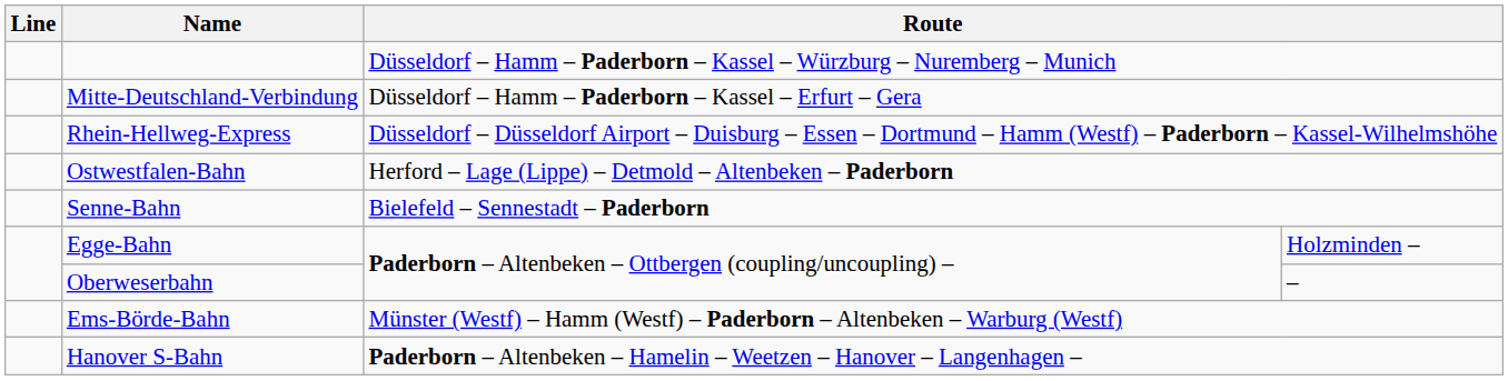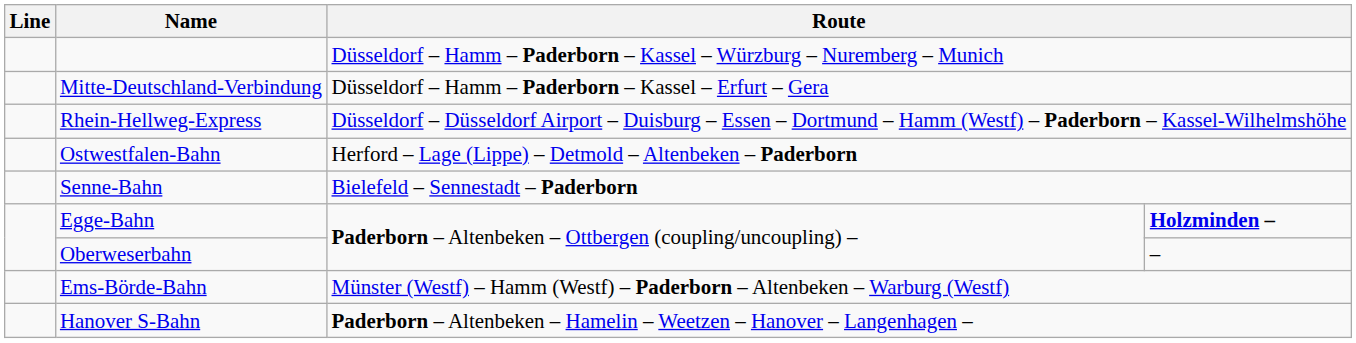 <table class="wikitable">
 <tr>
 <th>Line</th>
 <th>Name</th>
 <th colspan="2">Route</th>
 </tr>
 <tr>
 <td></td>
 <td></td>
 <td colspan="2"><a href='#'>Düsseldorf</a> – <a href='#'>Hamm</a> – <strong>Paderborn</strong> – <a href='#'>Kassel</a> – <a href='#'>Würzburg</a> – <a href='#'>Nuremberg</a> – <a href='#'>Munich</a></td>
 </tr>
 <tr>
 <td></td>
 <td><a href='#'>Mitte-Deutschland-Verbindung</a></td>
 <td colspan="2">Düsseldorf – Hamm – <strong>Paderborn</strong> – Kassel – <a href='#'>Erfurt</a> – <a href='#'>Gera</a></td>
 </tr>
 <tr>
 <td></td>
 <td><a href='#'>Rhein-Hellweg-Express</a></td>
 <td colspan="2"><a href='#'>Düsseldorf</a> – <a href='#'>Düsseldorf Airport</a> – <a href='#'>Duisburg</a> – <a href='#'>Essen</a> – <a href='#'>Dortmund</a> – <a href='#'>Hamm (Westf)</a> – <strong>Paderborn</strong> – <a href='#'>Kassel-Wilhelmshöhe</a></td>
 </tr>
 <tr>
 <td></td>
 <td><a href='#'>Ostwestfalen-Bahn</a></td>
 <td colspan="2">Herford – <a href='#'>Lage (Lippe)</a> – <a href='#'>Detmold</a> – <a href='#'>Altenbeken</a> – <strong>Paderborn</strong></td>
 </tr>
 <tr>
 <td></td>
 <td><a href='#'>Senne-Bahn</a></td>
 <td colspan="2"><a href='#'>Bielefeld</a> – <a href='#'>Sennestadt</a> – <strong>Paderborn</strong></td>
 </tr>
 <tr>
 <td rowspan="2"><br></td>
 <td><a href='#'>Egge-Bahn</a></td>
 <td rowspan="2"><strong>Paderborn</strong> – Altenbeken – <a href='#'>Ottbergen</a> (coupling/uncoupling) –</td>
-<td><a href='#'>Holzminden</a> – </td>
+<td><strong><a href='#'>Holzminden</a> – </strong></td>
 </tr>
 <tr>
 <td><a href='#'>Oberweserbahn</a></td>
 <td> – </td>
 </tr>
 <tr>
 <td></td>
 <td><a href='#'>Ems-Börde-Bahn</a></td>
 <td colspan="2"><a href='#'>Münster (Westf)</a> – Hamm (Westf) – <strong>Paderborn</strong> – Altenbeken – <a href='#'>Warburg (Westf)</a></td>
 </tr>
 <tr>
 <td></td>
 <td><a href='#'>Hanover S-Bahn</a></td>
 <td colspan="2"><strong>Paderborn</strong> – Altenbeken – <a href='#'>Hamelin</a> – <a href='#'>Weetzen</a> – <a href='#'>Hanover</a> – <a href='#'>Langenhagen</a> – </td>
 </tr>
 </table>
